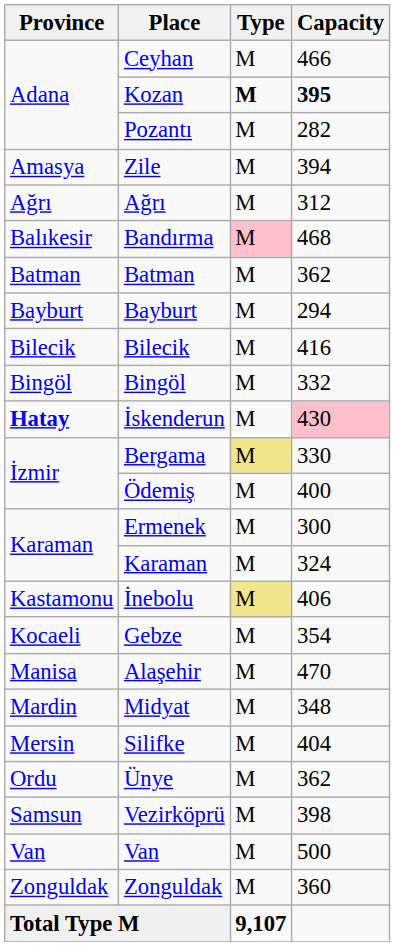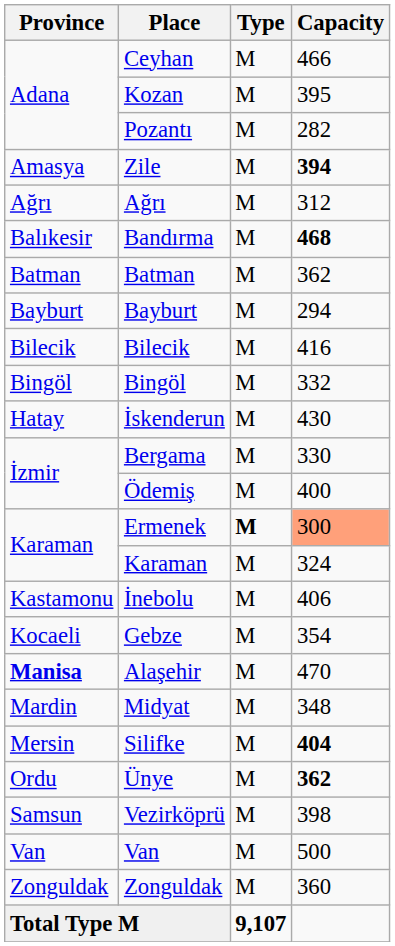 <table class="wikitable">
 <tr>
 <th>Province</th>
 <th>Place</th>
 <th>Type</th>
 <th>Capacity</th>
 </tr>
 <tr>
 <td rowspan=3><a href='#'>Adana</a></td>
 <td><a href='#'>Ceyhan</a></td>
 <td>M</td>
 <td>466</td>
 </tr>
 <tr>
 <td><a href='#'>Kozan</a></td>
-<td><strong>M</strong></td>
-<td><strong>395</strong></td>
+<td>M</td>
+<td>395</td>
 </tr>
 <tr>
 <td><a href='#'>Pozantı</a></td>
 <td>M</td>
 <td>282</td>
 </tr>
 <tr>
 <td><a href='#'>Amasya</a></td>
 <td><a href='#'>Zile</a></td>
 <td>M</td>
-<td>394</td>
+<td><strong>394</strong></td>
 </tr>
 <tr>
 <td><a href='#'>Ağrı</a></td>
 <td><a href='#'>Ağrı</a></td>
 <td>M</td>
 <td>312</td>
 </tr>
 <tr>
 <td><a href='#'>Balıkesir</a></td>
 <td><a href='#'>Bandırma</a></td>
-<td style="background: pink;">M</td>
-<td>468</td>
+<td>M</td>
+<td><strong>468</strong></td>
 </tr>
 <tr>
 <td><a href='#'>Batman</a></td>
 <td><a href='#'>Batman</a></td>
 <td>M</td>
 <td>362</td>
 </tr>
 <tr>
 <td><a href='#'>Bayburt</a></td>
 <td><a href='#'>Bayburt</a></td>
 <td>M</td>
 <td>294</td>
 </tr>
 <tr>
 <td><a href='#'>Bilecik</a></td>
 <td><a href='#'>Bilecik</a></td>
 <td>M</td>
 <td>416</td>
 </tr>
 <tr>
 <td><a href='#'>Bingöl</a></td>
 <td><a href='#'>Bingöl</a></td>
 <td>M</td>
 <td>332</td>
 </tr>
 <tr>
-<td><strong><a href='#'>Hatay</a></strong></td>
+<td><a href='#'>Hatay</a></td>
 <td><a href='#'>İskenderun</a></td>
 <td>M</td>
-<td style="background: pink;">430</td>
+<td>430</td>
 </tr>
 <tr>
 <td rowspan=2><a href='#'>İzmir</a></td>
 <td><a href='#'>Bergama</a></td>
-<td style="background: khaki;">M</td>
+<td>M</td>
 <td>330</td>
 </tr>
 <tr>
 <td><a href='#'>Ödemiş</a></td>
 <td>M</td>
 <td>400</td>
 </tr>
 <tr>
 <td rowspan=2><a href='#'>Karaman</a></td>
 <td><a href='#'>Ermenek</a></td>
-<td>M</td>
-<td>300</td>
+<td><strong>M</strong></td>
+<td style="background: lightsalmon;">300</td>
 </tr>
 <tr>
 <td><a href='#'>Karaman</a></td>
 <td>M</td>
 <td>324</td>
 </tr>
 <tr>
 <td><a href='#'>Kastamonu</a></td>
 <td><a href='#'>İnebolu</a></td>
-<td style="background: khaki;">M</td>
+<td>M</td>
 <td>406</td>
 </tr>
 <tr>
 <td><a href='#'>Kocaeli</a></td>
 <td><a href='#'>Gebze</a></td>
 <td>M</td>
 <td>354</td>
 </tr>
 <tr>
-<td><a href='#'>Manisa</a></td>
+<td><strong><a href='#'>Manisa</a></strong></td>
 <td><a href='#'>Alaşehir</a></td>
 <td>M</td>
 <td>470</td>
 </tr>
 <tr>
 <td><a href='#'>Mardin</a></td>
 <td><a href='#'>Midyat</a></td>
 <td>M</td>
 <td>348</td>
 </tr>
 <tr>
 <td><a href='#'>Mersin</a></td>
 <td><a href='#'>Silifke</a></td>
 <td>M</td>
-<td>404</td>
+<td><strong>404</strong></td>
 </tr>
 <tr>
 <td><a href='#'>Ordu</a></td>
 <td><a href='#'>Ünye</a></td>
 <td>M</td>
-<td>362</td>
+<td><strong>362</strong></td>
 </tr>
 <tr>
 <td><a href='#'>Samsun</a></td>
 <td><a href='#'>Vezirköprü</a></td>
 <td>M</td>
 <td>398</td>
 </tr>
 <tr>
 <td><a href='#'>Van</a></td>
 <td><a href='#'>Van</a></td>
 <td>M</td>
 <td>500</td>
 </tr>
 <tr>
 <td><a href='#'>Zonguldak</a></td>
 <td><a href='#'>Zonguldak</a></td>
 <td>M</td>
 <td>360</td>
 </tr>
 <tr>
 <td colspan=2 style="background:#f0f0f0;"><strong>Total Type M</strong></td>
 <td><strong>9,107</strong></td>
 </tr>
 </table>
